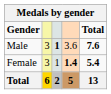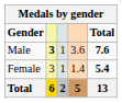 <table class="wikitable" style="text-align:center;font-size:90%">
 <tr style="background:#efefef;">
 <th colspan=7>Medals by gender</th>
 </tr>
 <tr>
 <td><strong>Gender</strong></td>
 <td bgcolor=#f7f6a8></td>
 <td bgcolor=#dce5e5></td>
 <td bgcolor=#ffdab9></td>
 <td><strong>Total</strong></td>
 </tr>
 <tr>
 <td style="text-align:left;">Male</td>
-<td style="background:#F7F6A8;">3</td>
-<td style="background:#DCE5E5;"><strong>1</strong></td>
+<td style="background:#F7F6A8;"><strong>3</strong></td>
+<td style="background:#DCE5E5;">1</td>
 <td style="background:#FFDAB9;">3.6</td>
 <td><strong>7.6</strong></td>
 </tr>
 <tr>
 <td style="text-align:left;">Female</td>
 <td style="background:#F7F6A8;">3</td>
 <td style="background:#DCE5E5;">1</td>
-<td style="background:#FFDAB9;"><strong>1.4</strong></td>
+<td style="background:#FFDAB9;">1.4</td>
 <td><strong>5.4</strong></td>
 </tr>
 <tr>
 <th style="text-align:left;">Total</th>
 <th style="background:gold;">6</th>
 <th style="background:silver;">2</th>
 <th style="background:#c96;">5</th>
 <th>13</th>
 </tr>
 </table>
